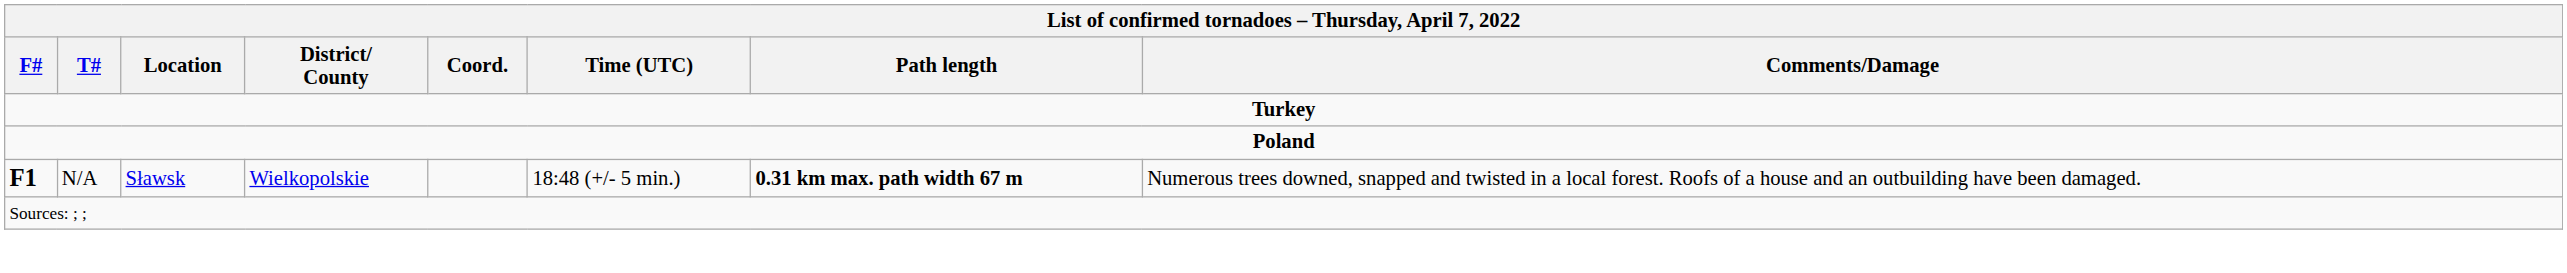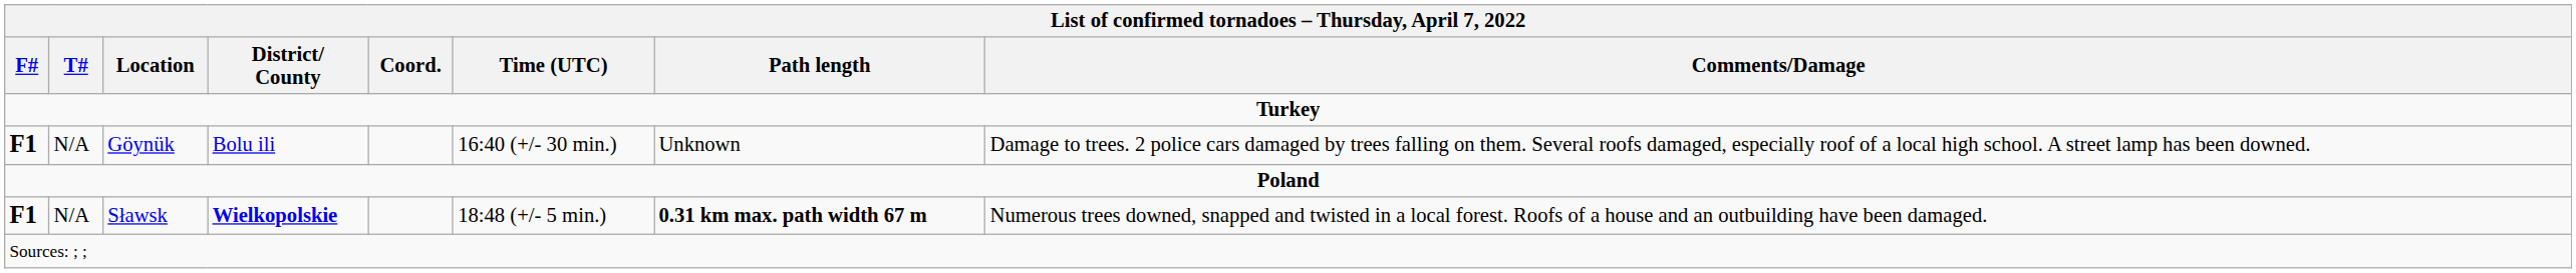 <table class="wikitable collapsible" width="100%">
 <tr>
 <th colspan="8">List of confirmed tornadoes – Thursday, April 7, 2022</th>
 </tr>
 <tr>
 <th><a href='#'>F#</a></th>
 <th><a href='#'>T#</a></th>
 <th>Location</th>
 <th>District/<br>County</th>
 <th>Coord.</th>
 <th>Time (UTC)</th>
 <th>Path length</th>
 <th>Comments/Damage</th>
 </tr>
 <tr>
 <td colspan="8" align=center><strong>Turkey</strong></td>
 </tr>
 <tr>
+<td><big><strong>F1</strong></big></td>
+<td>N/A</td>
+<td><a href='#'>Göynük</a></td>
+<td><a href='#'>Bolu ili</a></td>
+<td></td>
+<td>16:40 (+/- 30 min.)</td>
+<td>Unknown</td>
+<td>Damage to trees. 2 police cars damaged by trees falling on them. Several roofs damaged, especially roof of a local high school. A street lamp has been downed.</td>
+</tr>
+<tr>
 <td colspan="8" align=center><strong>Poland</strong></td>
 </tr>
 <tr>
 <td><big><strong>F1</strong></big></td>
 <td>N/A</td>
 <td><a href='#'>Sławsk</a></td>
-<td><a href='#'>Wielkopolskie</a></td>
+<td><strong><a href='#'>Wielkopolskie</a></strong></td>
 <td></td>
 <td>18:48 (+/- 5 min.)</td>
 <td><strong>0.31 km max. path width 67 m</strong></td>
 <td>Numerous trees downed, snapped and twisted in a local forest. Roofs of a house and an outbuilding have been damaged.</td>
 </tr>
 <tr>
 <td colspan="8"><small>Sources: ; ;  </small></td>
 </tr>
 </table>
